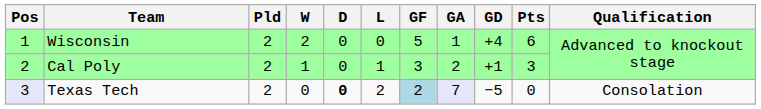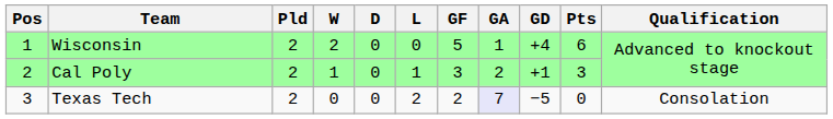 <table class="wikitable" style="text-align:center; margin: 1em auto">
 <tr>
 <th style=width:2em>Pos</th>
 <th style=width:13em>Team</th>
 <th style=width:2em>Pld</th>
 <th style=width:2em>W</th>
 <th style=width:2em>D</th>
 <th style=width:2em>L</th>
 <th style=width:2em>GF</th>
 <th style=width:2em>GA</th>
 <th style=width:2em>GD</th>
 <th style=width:2em>Pts</th>
 <th style=width:13em>Qualification</th>
 </tr>
 <tr bgcolor="#9eff9e">
 <td>1</td>
 <td style="text-align:left">Wisconsin</td>
 <td>2</td>
 <td>2</td>
 <td>0</td>
 <td>0</td>
 <td>5</td>
 <td>1</td>
 <td>+4</td>
 <td>6</td>
 <td rowspan="2">Advanced to knockout stage</td>
 </tr>
 <tr bgcolor="#9eff9e">
 <td>2</td>
 <td style="text-align:left">Cal Poly</td>
 <td>2</td>
 <td>1</td>
 <td>0</td>
 <td>1</td>
 <td>3</td>
 <td>2</td>
 <td>+1</td>
 <td>3</td>
 </tr>
 <tr>
-<td style="background: lavender;">3</td>
+<td>3</td>
 <td style="text-align:left">Texas Tech</td>
 <td>2</td>
 <td>0</td>
-<td><strong>0</strong></td>
+<td>0</td>
 <td>2</td>
-<td style="background: lightblue;">2</td>
+<td>2</td>
 <td style="background: lavender;">7</td>
 <td>−5</td>
 <td>0</td>
 <td>Consolation</td>
 </tr>
 </table>
